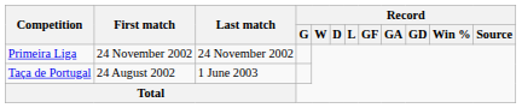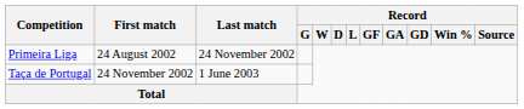 <table class="wikitable" style="text-align: center">
 <tr>
 <th rowspan="2">Competition</th>
 <th rowspan="2">First match</th>
 <th rowspan="2">Last match</th>
 <th colspan="9">Record</th>
 </tr>
 <tr>
 <th>G</th>
 <th>W</th>
 <th>D</th>
 <th>L</th>
 <th>GF</th>
 <th>GA</th>
 <th>GD</th>
 <th>Win %</th>
 <th>Source</th>
 </tr>
 <tr>
 <td align=left><a href='#'>Primeira Liga</a></td>
-<td align=left>24 November 2002</td>
+<td align=left>24 August 2002</td>
 <td align=left>24 November 2002<br></td>
 <td align=left></td>
 </tr>
 <tr>
 <td align=left><a href='#'>Taça de Portugal</a></td>
-<td align=left>24 August 2002</td>
+<td align=left>24 November 2002</td>
 <td align=left>1 June 2003<br></td>
 <td align=left></td>
 </tr>
 <tr>
 <th colspan="3">Total<br></th>
 </tr>
 </table>
